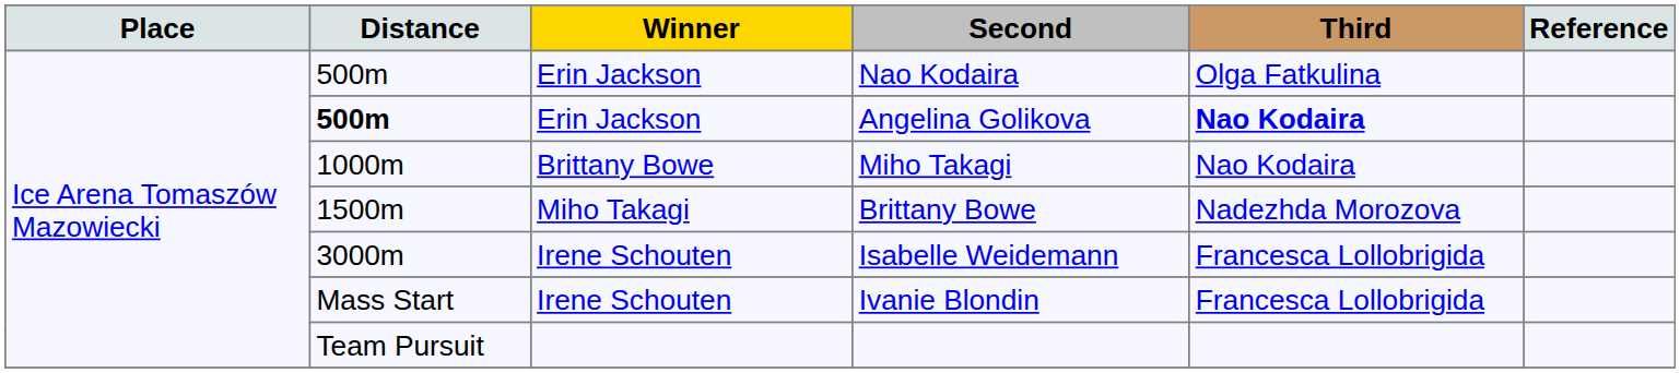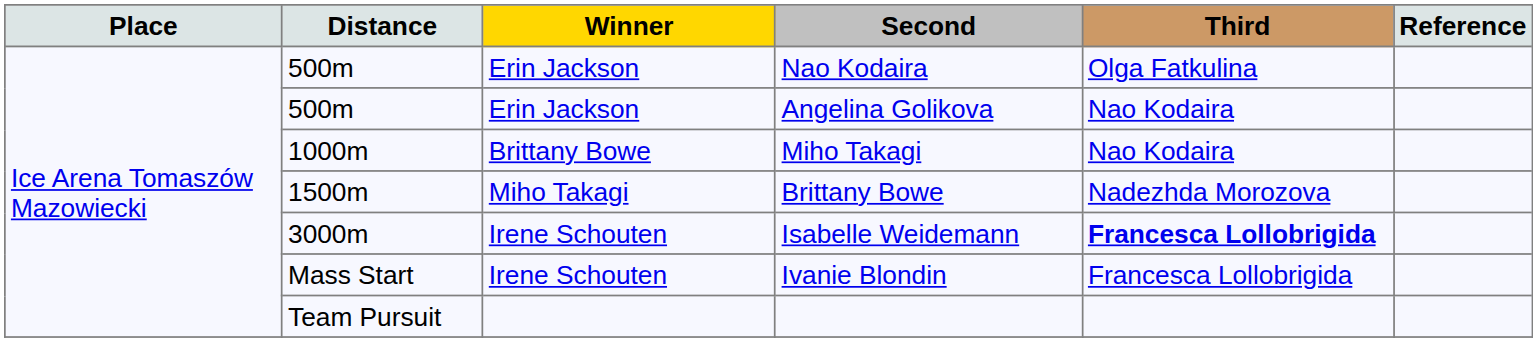 <table bgcolor="#f7f8ff" cellpadding="3" cellspacing="0" border="1" style="font-size: 95%; border: gray solid 1px; border-collapse: collapse;">
 <tr bgcolor="#cccccc" (1>
 <td width="220" align="center" bgcolor="#dce5e5"><strong>Place</strong></td>
 <td width="150" align="center" bgcolor="#dce5e5"><strong>Distance</strong></td>
 <td align="center" bgcolor="gold" width="250"><strong>Winner</strong></td>
 <td align="center" bgcolor="silver" width="250"><strong>Second</strong></td>
 <td width="250" align="center" bgcolor="#cc9966"><strong>Third</strong></td>
 <td width="30" align="center" bgcolor="#dce5e5"><strong>Reference</strong></td>
 </tr>
 <tr align="left">
 <td rowspan=7><a href='#'>Ice Arena Tomaszów Mazowiecki</a></td>
 <td>500m</td>
 <td> <a href='#'>Erin Jackson</a></td>
 <td> <a href='#'>Nao Kodaira</a></td>
 <td> <a href='#'>Olga Fatkulina</a></td>
 <td></td>
 </tr>
 <tr align="left">
-<td><strong>500m</strong></td>
+<td>500m</td>
 <td> <a href='#'>Erin Jackson</a></td>
 <td> <a href='#'>Angelina Golikova</a></td>
-<td><strong> <a href='#'>Nao Kodaira</a></strong></td>
+<td> <a href='#'>Nao Kodaira</a></td>
 <td></td>
 </tr>
 <tr align="left">
 <td>1000m</td>
 <td> <a href='#'>Brittany Bowe</a></td>
 <td> <a href='#'>Miho Takagi</a></td>
 <td> <a href='#'>Nao Kodaira</a></td>
 <td></td>
 </tr>
 <tr align="left">
 <td>1500m</td>
 <td> <a href='#'>Miho Takagi</a></td>
 <td> <a href='#'>Brittany Bowe</a></td>
 <td> <a href='#'>Nadezhda Morozova</a></td>
 <td></td>
 </tr>
 <tr align="left">
 <td>3000m</td>
 <td> <a href='#'>Irene Schouten</a></td>
 <td> <a href='#'>Isabelle Weidemann</a></td>
-<td> <a href='#'>Francesca Lollobrigida</a></td>
+<td><strong> <a href='#'>Francesca Lollobrigida</a></strong></td>
 <td></td>
 </tr>
 <tr align="left">
 <td>Mass Start</td>
 <td> <a href='#'>Irene Schouten</a></td>
 <td> <a href='#'>Ivanie Blondin</a></td>
 <td> <a href='#'>Francesca Lollobrigida</a></td>
 <td></td>
 </tr>
 <tr align="left">
 <td>Team Pursuit</td>
 <td></td>
 <td></td>
 <td></td>
 <td></td>
 </tr>
 </table>
